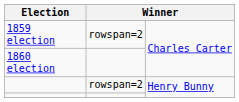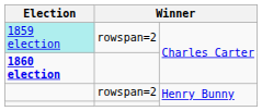 <table class=wikitable>
 <tr>
 <th width=100>Election</th>
 <th width=175 colspan=2>Winner</th>
 </tr>
 <tr>
-<td><a href='#'>1859 election</a></td>
+<td style="background: paleturquoise;"><a href='#'>1859 election</a></td>
 <td>rowspan=2 </td>
 <td rowspan=2><a href='#'>Charles Carter</a></td>
 </tr>
 <tr>
-<td><a href='#'>1860 election</a></td>
+<td><strong><a href='#'>1860 election</a></strong></td>
 </tr>
 <tr>
 <td></td>
 <td>rowspan=2 </td>
 <td rowspan=2><a href='#'>Henry Bunny</a></td>
 </tr>
 <tr>
 <td></td>
 </tr>
 </table>
